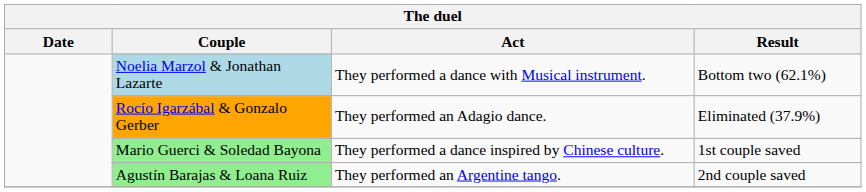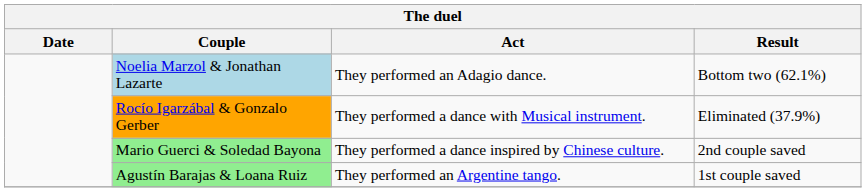 <table class="wikitable collapsible collapsed" style="text-align: align; width: 100%;">
 <tr>
 <th colspan="11" style="with: 100%;" align="center">The duel</th>
 </tr>
 <tr>
 <th width=75>Date</th>
 <th width=160>Couple</th>
 <th width=270>Act</th>
 <th width=120>Result</th>
 </tr>
 <tr>
 <td rowspan="4"></td>
 <td bgcolor="lightblue"><a href='#'>Noelia Marzol</a> & Jonathan Lazarte</td>
-<td>They performed a dance with <a href='#'>Musical instrument</a>.<br></td>
+<td>They performed an Adagio dance.<br></td>
 <td>Bottom two (62.1%)</td>
 </tr>
 <tr>
 <td bgcolor="orange"><a href='#'>Rocío Igarzábal</a> & Gonzalo Gerber</td>
-<td>They performed an Adagio dance.<br></td>
+<td>They performed a dance with <a href='#'>Musical instrument</a>.<br></td>
 <td>Eliminated (37.9%)</td>
 </tr>
 <tr>
 <td bgcolor="lightgreen">Mario Guerci & Soledad Bayona</td>
 <td>They performed a dance inspired by <a href='#'>Chinese culture</a>.<br></td>
-<td>1st couple saved</td>
+<td>2nd couple saved</td>
 </tr>
 <tr>
 <td bgcolor="lightgreen">Agustín Barajas & Loana Ruiz</td>
 <td>They performed an <a href='#'>Argentine tango</a>.<br></td>
-<td>2nd couple saved</td>
+<td>1st couple saved</td>
 </tr>
 <tr>
 </tr>
 </table>
